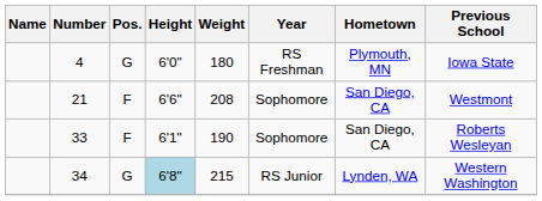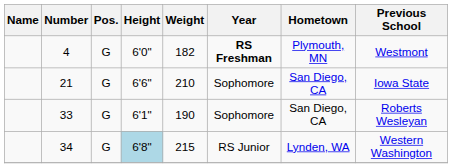 <table class="wikitable sortable sortable" style="text-align: center">
 <tr align=center>
 <th>Name</th>
 <th>Number</th>
 <th>Pos.</th>
 <th>Height</th>
 <th>Weight</th>
 <th>Year</th>
 <th>Hometown</th>
 <th>Previous School</th>
 </tr>
 <tr>
 <td></td>
 <td>4</td>
 <td>G</td>
 <td>6'0"</td>
-<td>180</td>
-<td>RS Freshman</td>
+<td>182</td>
+<td><strong>RS Freshman</strong></td>
 <td><a href='#'>Plymouth, MN</a></td>
+<td><a href='#'>Westmont</a></td>
+</tr>
+<tr>
+<td></td>
+<td>21</td>
+<td>G</td>
+<td>6'6"</td>
+<td>210</td>
+<td>Sophomore</td>
+<td><a href='#'>San Diego, CA</a></td>
 <td><a href='#'>Iowa State</a></td>
 </tr>
 <tr>
 <td></td>
-<td>21</td>
-<td>F</td>
-<td>6'6"</td>
-<td>208</td>
-<td>Sophomore</td>
-<td><a href='#'>San Diego, CA</a></td>
-<td><a href='#'>Westmont</a></td>
-</tr>
-<tr>
-<td></td>
 <td>33</td>
-<td>F</td>
+<td>G</td>
 <td>6'1"</td>
 <td>190</td>
 <td>Sophomore</td>
 <td>San Diego, CA</td>
 <td><a href='#'>Roberts Wesleyan</a></td>
 </tr>
 <tr>
 <td></td>
 <td>34</td>
 <td>G</td>
 <td style="background: lightblue;">6'8"</td>
 <td>215</td>
 <td>RS Junior</td>
 <td><a href='#'>Lynden, WA</a></td>
 <td><a href='#'>Western Washington</a></td>
 </tr>
 <tr>
 </tr>
 </table>
